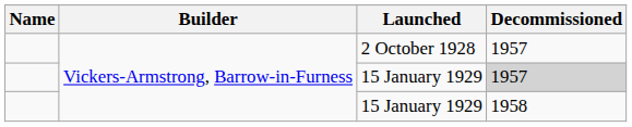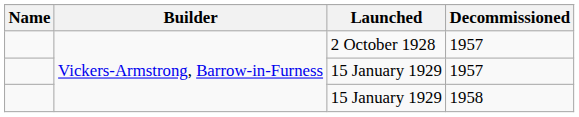 <table class="wikitable">
 <tr>
 </tr>
 <tr>
 <th>Name</th>
 <th>Builder</th>
 <th>Launched</th>
 <th>Decommissioned</th>
 </tr>
 <tr>
 <td></td>
 <td rowspan="3" align="center"><a href='#'>Vickers-Armstrong</a>, <a href='#'>Barrow-in-Furness</a></td>
 <td>2 October 1928</td>
 <td>1957</td>
 </tr>
 <tr>
 <td></td>
 <td>15 January 1929</td>
-<td style="background: lightgrey;">1957</td>
+<td>1957</td>
 </tr>
 <tr>
 <td></td>
 <td>15 January 1929</td>
 <td>1958</td>
 </tr>
 </table>
